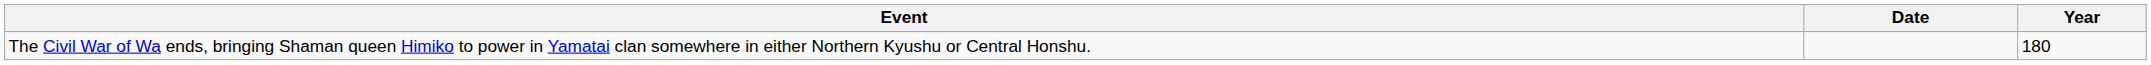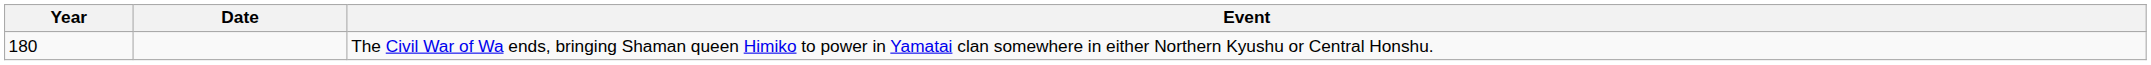 <table class="wikitable" width="100%">
 <tr>
+<th style="width:6%">Year</th>
+<th style="width:10%">Date</th>
 <th>Event</th>
-<th style="width:10%">Date</th>
-<th style="width:6%">Year</th>
 </tr>
 <tr>
+<td>180</td>
+<td></td>
 <td>The <a href='#'>Civil War of Wa</a> ends, bringing Shaman queen <a href='#'>Himiko</a> to power in <a href='#'>Yamatai</a> clan somewhere in either Northern Kyushu or Central Honshu.</td>
-<td></td>
-<td>180</td>
 </tr>
 </table>
